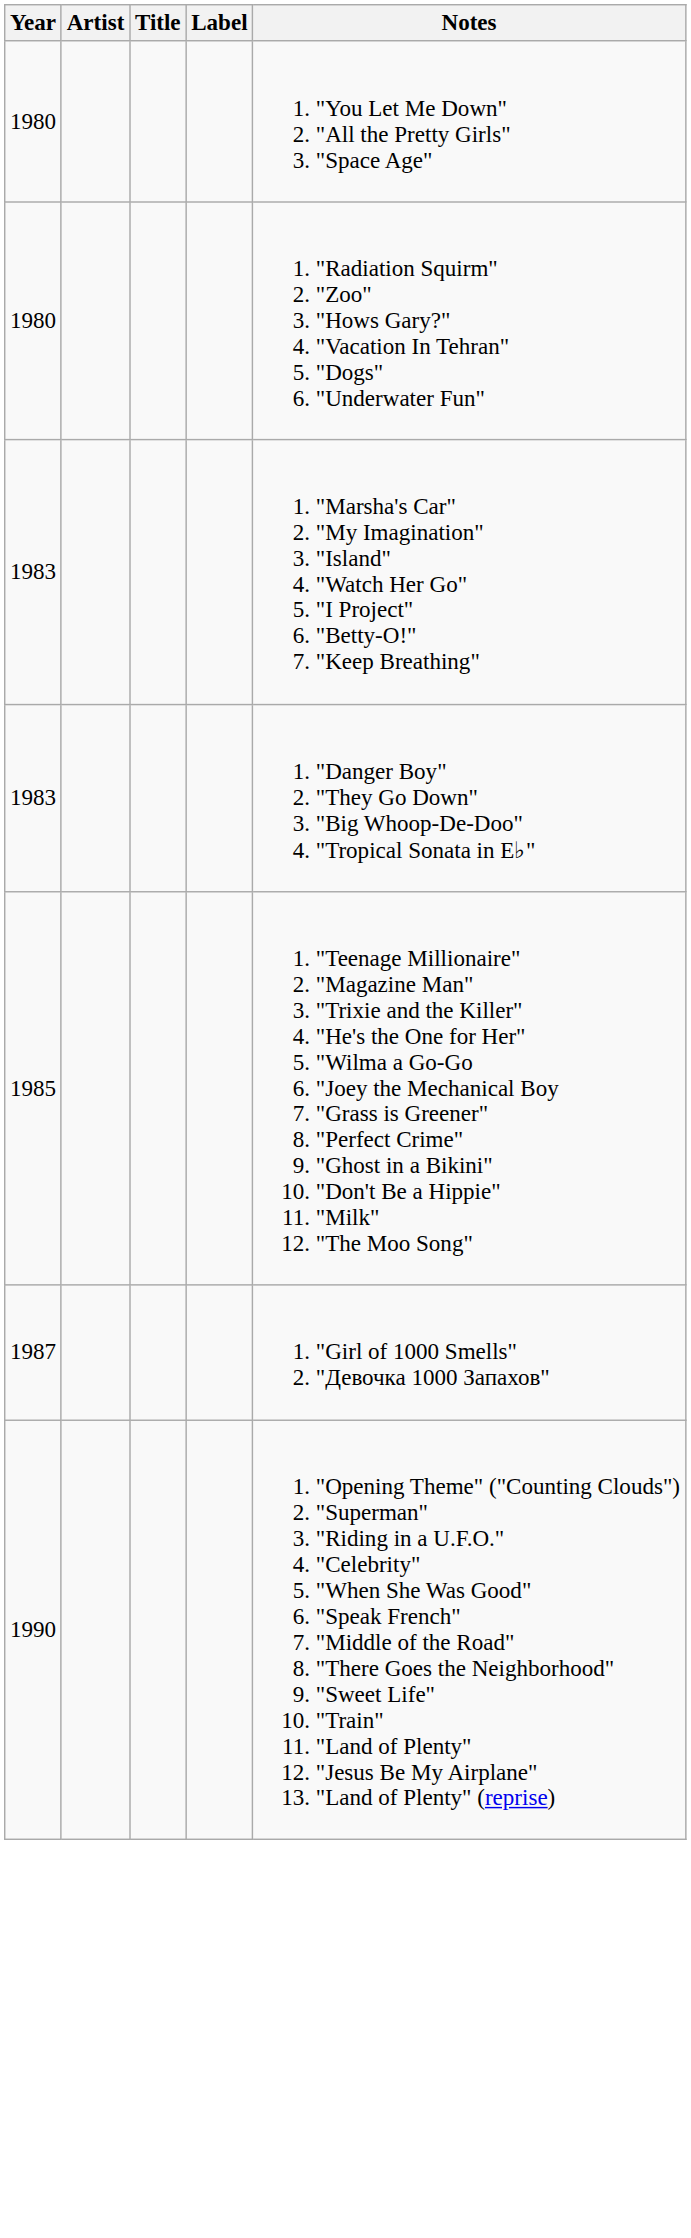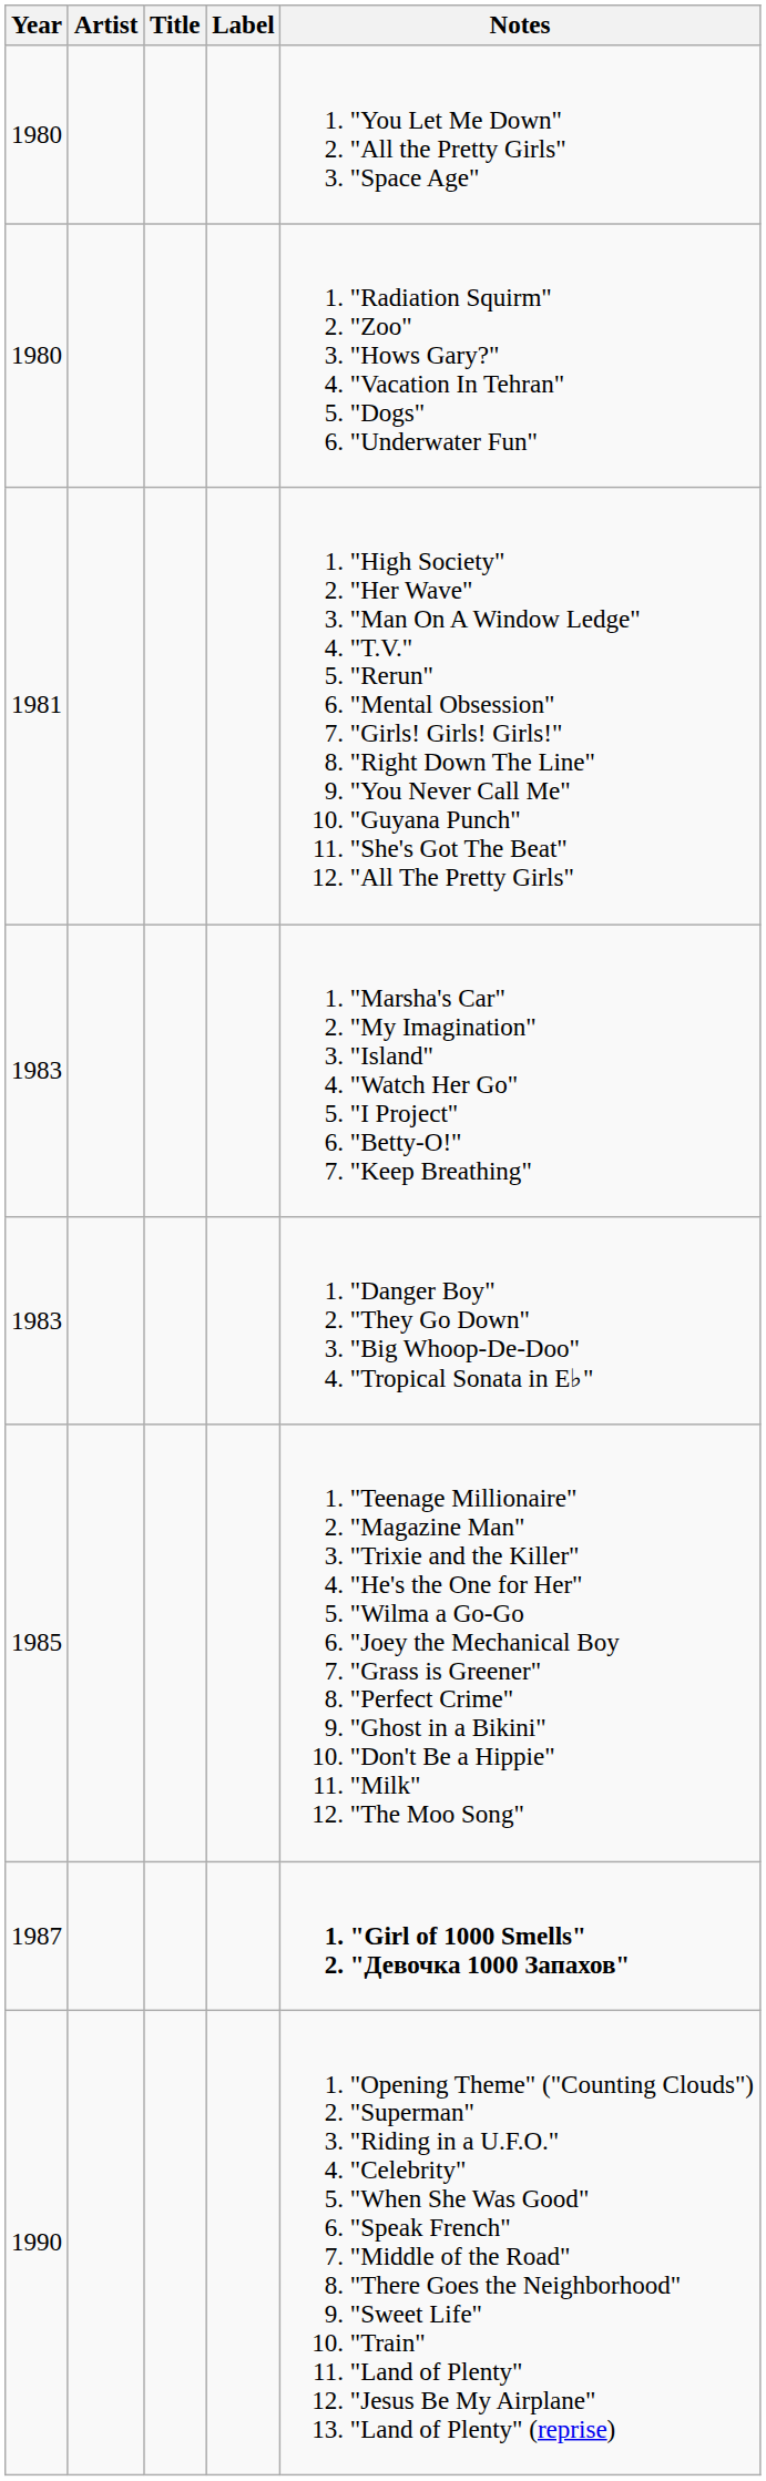 <table class="wikitable">
 <tr>
 <th>Year</th>
 <th>Artist</th>
 <th>Title</th>
 <th>Label</th>
 <th>Notes</th>
 </tr>
 <tr>
 <td>1980</td>
 <td></td>
 <td></td>
 <td></td>
 <td><br> <ol><li>"You Let Me Down"</li><li>"All the Pretty Girls"</li><li>"Space Age"</li></ol></td>
 </tr>
 <tr>
 <td>1980</td>
 <td></td>
 <td></td>
 <td></td>
 <td><br> <ol><li>"Radiation Squirm"</li><li>"Zoo"</li><li>"Hows Gary?"</li><li>"Vacation In Tehran"</li><li>"Dogs"</li><li>"Underwater Fun"</li></ol></td>
+</tr>
+<tr>
+<td>1981</td>
+<td></td>
+<td></td>
+<td></td>
+<td><br> <ol><li>"High Society"</li><li>"Her Wave"</li><li>"Man On A Window Ledge"</li><li>"T.V."</li><li>"Rerun"</li><li>"Mental Obsession"</li><li>"Girls! Girls! Girls!"</li><li>"Right Down The Line"</li><li>"You Never Call Me"</li><li>"Guyana Punch"</li><li>"She's Got The Beat"</li><li>"All The Pretty Girls"</li></ol></td>
 </tr>
 <tr>
 <td>1983</td>
 <td></td>
 <td></td>
 <td></td>
 <td><br><ol><li>"Marsha's Car"</li><li>"My Imagination"</li><li>"Island"</li><li>"Watch Her Go"</li><li>"I Project"</li><li>"Betty-O!"</li><li>"Keep Breathing"</li></ol></td>
 </tr>
 <tr>
 <td>1983</td>
 <td></td>
 <td></td>
 <td></td>
 <td><br><ol><li>"Danger Boy"</li><li>"They Go Down"</li><li>"Big Whoop-De-Doo"</li><li>"Tropical Sonata in E♭"</li></ol></td>
 </tr>
 <tr>
 <td>1985</td>
 <td></td>
 <td></td>
 <td></td>
 <td><br> <ol><li>"Teenage Millionaire"</li><li>"Magazine Man"</li><li>"Trixie and the Killer"</li><li>"He's the One for Her"</li><li>"Wilma a Go-Go</li><li>"Joey the Mechanical Boy</li><li>"Grass is Greener"</li><li>"Perfect Crime"</li><li>"Ghost in a Bikini"</li><li>"Don't Be a Hippie"</li><li>"Milk"</li><li>"The Moo Song"</li></ol></td>
 </tr>
 <tr>
 <td>1987</td>
 <td></td>
 <td></td>
 <td></td>
-<td><br> <ol><li>"Girl of 1000 Smells"</li><li>"Девочка 1000 Запахов"</li></ol></td>
+<td><strong><br> <ol><li>"Girl of 1000 Smells"</li><li>"Девочка 1000 Запахов"</li></ol></strong></td>
 </tr>
 <tr>
 <td>1990</td>
 <td></td>
 <td></td>
 <td></td>
 <td><br><ol><li>"Opening Theme" ("Counting Clouds")</li><li>"Superman"</li><li>"Riding in a U.F.O."</li><li>"Celebrity"</li><li>"When She Was Good"</li><li>"Speak French"</li><li>"Middle of the Road"</li><li>"There Goes the Neighborhood"</li><li>"Sweet Life"</li><li>"Train"</li><li>"Land of Plenty"</li><li>"Jesus Be My Airplane"</li><li>"Land of Plenty" (<a href='#'>reprise</a>)</li></ol></td>
 </tr>
 </table>
